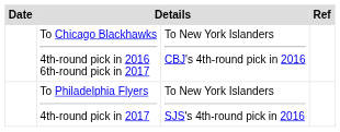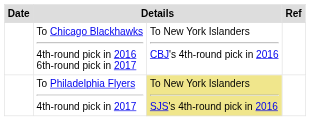 <table border=1 style="border-collapse:collapse" bordercolor="#DFDFDF" cellpadding="5">
 <tr style="background:#ddd;">
 <th>Date</th>
 <th colspan="2">Details</th>
 <th>Ref</th>
 </tr>
 <tr>
 <td></td>
 <td valign="top">To <a href='#'>Chicago Blackhawks</a><hr>4th-round pick in <a href='#'>2016</a><br>6th-round pick in <a href='#'>2017</a></td>
 <td valign="top">To New York Islanders <hr><a href='#'>CBJ</a>'s 4th-round pick in <a href='#'>2016</a></td>
 <td></td>
 </tr>
 <tr>
 <td></td>
 <td valign="top">To <a href='#'>Philadelphia Flyers</a><hr>4th-round pick in <a href='#'>2017</a></td>
-<td valign="top">To New York Islanders <hr><a href='#'>SJS</a>'s 4th-round pick in <a href='#'>2016</a></td>
+<td valign="top" style="background: khaki;">To New York Islanders <hr><a href='#'>SJS</a>'s 4th-round pick in <a href='#'>2016</a></td>
 <td></td>
 </tr>
 </table>
